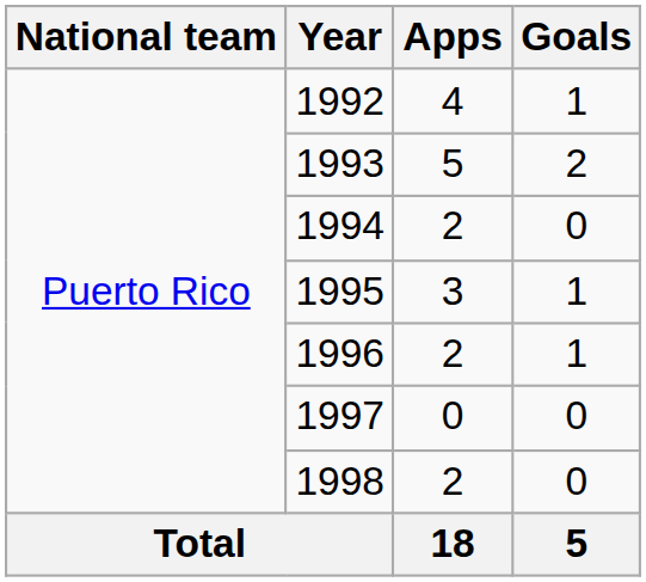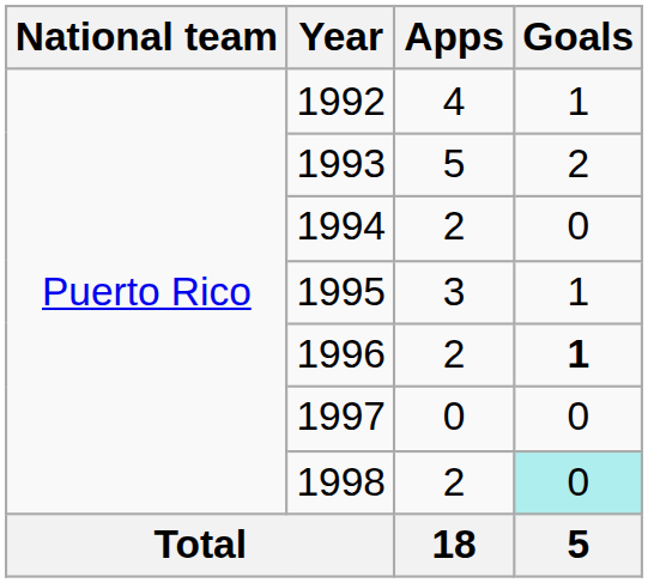 <table class="wikitable" style="text-align:center">
 <tr>
 <th>National team</th>
 <th>Year</th>
 <th>Apps</th>
 <th>Goals</th>
 </tr>
 <tr>
 <td rowspan="7"><a href='#'>Puerto Rico</a></td>
 <td>1992</td>
 <td>4</td>
 <td>1</td>
 </tr>
 <tr>
 <td>1993</td>
 <td>5</td>
 <td>2</td>
 </tr>
 <tr>
 <td>1994</td>
 <td>2</td>
 <td>0</td>
 </tr>
 <tr>
 <td>1995</td>
 <td>3</td>
 <td>1</td>
 </tr>
 <tr>
 <td>1996</td>
 <td>2</td>
-<td>1</td>
+<td><strong>1</strong></td>
 </tr>
 <tr>
 <td>1997</td>
 <td>0</td>
 <td>0</td>
 </tr>
 <tr>
 <td>1998</td>
 <td>2</td>
-<td>0</td>
+<td style="background: paleturquoise;">0</td>
 </tr>
 <tr>
 <th colspan=2>Total</th>
 <th>18</th>
 <th>5</th>
 </tr>
 </table>
